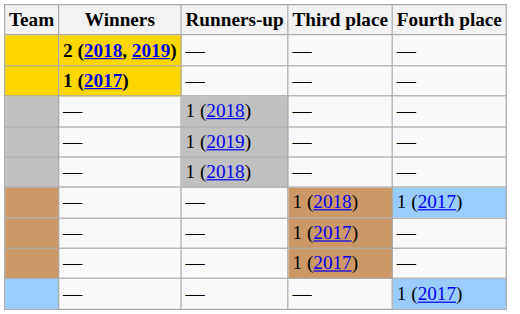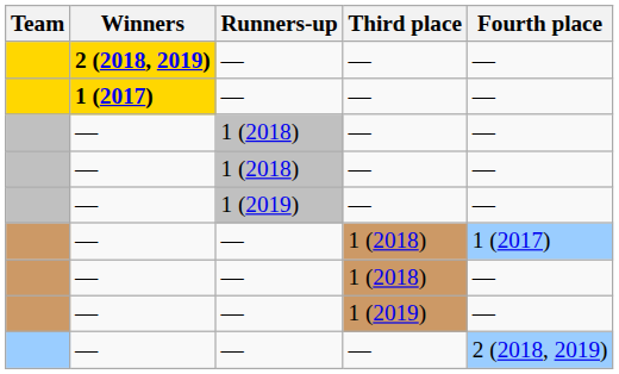 <table class="wikitable sortable">
 <tr>
 <th>Team</th>
 <th>Winners</th>
 <th>Runners-up</th>
 <th>Third place</th>
 <th>Fourth place</th>
 </tr>
 <tr>
 <td style="background:gold;"></td>
 <td style="background:gold;"><strong>2 (<a href='#'>2018</a>, <a href='#'>2019</a>)</strong></td>
 <td>—</td>
 <td>—</td>
 <td>—</td>
 </tr>
 <tr>
 <td style="background:gold;"></td>
 <td style="background:gold;"><strong>1 (<a href='#'>2017</a>)</strong></td>
 <td>—</td>
 <td>—</td>
 <td>—</td>
 </tr>
 <tr>
 <td style="background:silver;"></td>
 <td>—</td>
 <td style="background:silver;">1 (<a href='#'>2018</a>)</td>
 <td>—</td>
 <td>—</td>
 </tr>
 <tr>
 <td style="background:silver;"></td>
 <td>—</td>
-<td style="background:silver;">1 (<a href='#'>2019</a>)</td>
+<td style="background:silver;">1 (<a href='#'>2018</a>)</td>
 <td>—</td>
 <td>—</td>
 </tr>
 <tr>
 <td style="background:silver;"></td>
 <td>—</td>
-<td style="background:silver;">1 (<a href='#'>2018</a>)</td>
+<td style="background:silver;">1 (<a href='#'>2019</a>)</td>
 <td>—</td>
 <td>—</td>
 </tr>
 <tr>
 <td style="background:#cc9966;"></td>
 <td>—</td>
 <td>—</td>
 <td style="background:#cc9966;">1 (<a href='#'>2018</a>)</td>
 <td style="background:#9acdff;">1 (<a href='#'>2017</a>)</td>
 </tr>
 <tr>
 <td style="background:#cc9966;"></td>
 <td>—</td>
 <td>—</td>
-<td style="background:#cc9966;">1 (<a href='#'>2017</a>)</td>
+<td style="background:#cc9966;">1 (<a href='#'>2018</a>)</td>
 <td>—</td>
 </tr>
 <tr>
 <td style="background:#cc9966;"></td>
 <td>—</td>
 <td>—</td>
-<td style="background:#cc9966;">1 (<a href='#'>2017</a>)</td>
+<td style="background:#cc9966;">1 (<a href='#'>2019</a>)</td>
 <td>—</td>
 </tr>
 <tr>
 <td style="background:#9acdff;"></td>
 <td>—</td>
 <td>—</td>
 <td>—</td>
-<td style="background:#9acdff;">1 (<a href='#'>2017</a>)</td>
+<td style="background:#9acdff;">2 (<a href='#'>2018</a>, <a href='#'>2019</a>)</td>
 </tr>
 </table>
